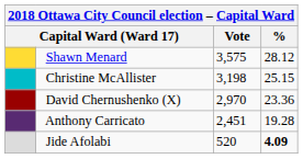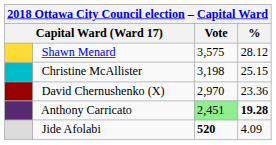 <table class="wikitable">
 <tr>
 <th colspan="4"><a href='#'>2018 Ottawa City Council election</a> – <a href='#'>Capital Ward</a></th>
 </tr>
 <tr>
 <th bgcolor="#DDDDFF" width="230px" colspan="2">Capital Ward (Ward 17)</th>
 <th bgcolor="#DDDDFF" width="50px">Vote</th>
 <th bgcolor="#DDDDFF" width="30px">%</th>
 </tr>
 <tr>
 <td bgcolor=#FEDC34 width="30px"> </td>
 <td>  <a href='#'>Shawn Menard</a></td>
 <td>3,575</td>
 <td>28.12</td>
 </tr>
 <tr>
 <td bgcolor=#00BCC8 width="30px"> </td>
 <td>  Christine McAllister</td>
 <td>3,198</td>
 <td>25.15</td>
 </tr>
 <tr>
 <td bgcolor=#990000 width="30px"> </td>
 <td>  David Chernushenko (X)</td>
 <td>2,970</td>
 <td>23.36</td>
 </tr>
 <tr>
 <td bgcolor=#582A72 width="30px"> </td>
 <td>  Anthony Carricato</td>
-<td>2,451</td>
-<td>19.28</td>
+<td style="background: lightgreen;">2,451</td>
+<td><strong>19.28</strong></td>
 </tr>
 <tr>
 <td bgcolor=#DCDCDC width="30px"> </td>
 <td>  Jide Afolabi</td>
-<td>520</td>
-<td><strong>4.09</strong></td>
+<td><strong>520</strong></td>
+<td>4.09</td>
 </tr>
 </table>
